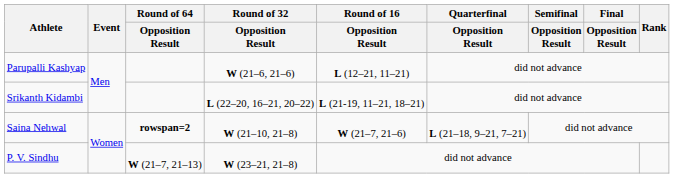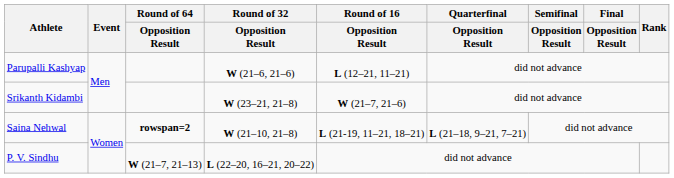 <table class="wikitable" style="text-align:center; font-size:90%">
 <tr>
 <th rowspan=2>Athlete</th>
 <th rowspan=2>Event</th>
 <th>Round of 64</th>
 <th>Round of 32</th>
 <th>Round of 16</th>
 <th>Quarterfinal</th>
 <th>Semifinal</th>
 <th>Final</th>
 <th rowspan=2>Rank</th>
 </tr>
 <tr>
 <th>Opposition<br>Result</th>
 <th>Opposition<br>Result</th>
 <th>Opposition<br>Result</th>
 <th>Opposition<br>Result</th>
 <th>Opposition<br>Result</th>
 <th>Opposition<br>Result</th>
 </tr>
 <tr>
 <td align=left><a href='#'>Parupalli Kashyap</a></td>
 <td align=left rowspan=2><a href='#'>Men</a></td>
 <td></td>
 <td><br><strong>W</strong> (21–6, 21–6)</td>
 <td><br><strong>L</strong> (12–21, 11–21)</td>
 <td colspan=4>did not advance</td>
 </tr>
 <tr>
 <td align=left><a href='#'>Srikanth Kidambi</a></td>
 <td></td>
-<td><br><strong>L</strong> (22–20, 16–21, 20–22)</td>
-<td><br><strong>L</strong> (21-19, 11–21, 18–21)</td>
+<td><br><strong>W</strong> (23–21, 21–8)</td>
+<td><br><strong>W</strong> (21–7, 21–6)</td>
 <td colspan=4>did not advance</td>
 </tr>
 <tr>
 <td align=left><a href='#'>Saina Nehwal</a></td>
 <td align=left rowspan=2><a href='#'>Women</a></td>
 <td><strong>rowspan=2 </strong></td>
 <td><br><strong>W</strong> (21–10, 21–8)</td>
-<td><br><strong>W</strong> (21–7, 21–6)</td>
+<td><br><strong>L</strong> (21-19, 11–21, 18–21)</td>
 <td><br><strong>L</strong> (21–18, 9–21, 7–21)</td>
 <td colspan=3>did not advance</td>
 </tr>
 <tr>
 <td align=left><a href='#'>P. V. Sindhu</a></td>
 <td><br><strong>W</strong> (21–7, 21–13)</td>
-<td><br><strong>W</strong> (23–21, 21–8)</td>
+<td><br><strong>L</strong> (22–20, 16–21, 20–22)</td>
 <td colspan=4>did not advance</td>
 </tr>
 </table>
